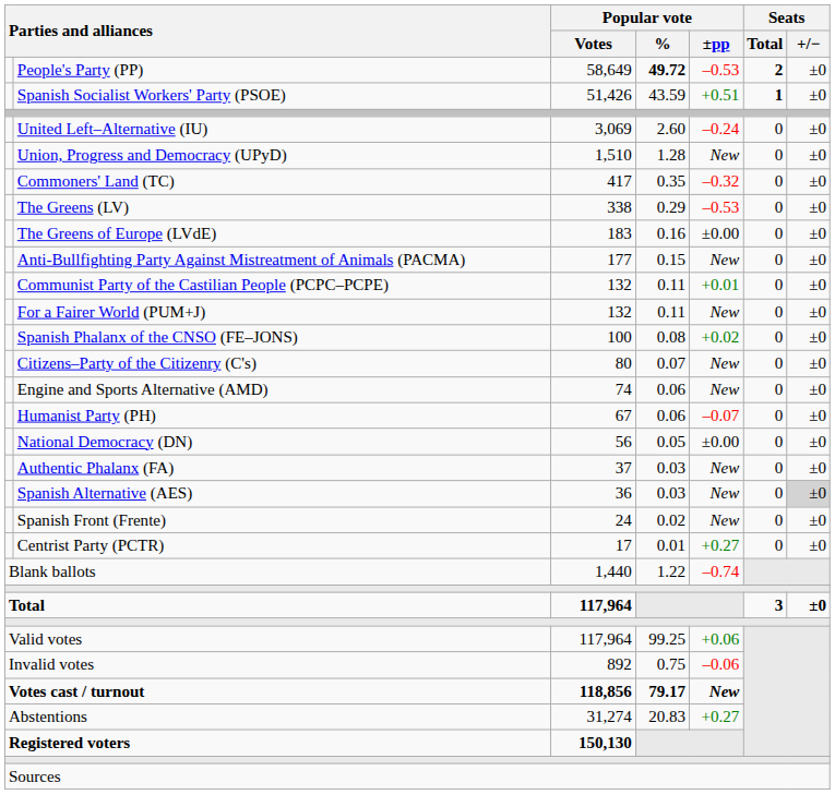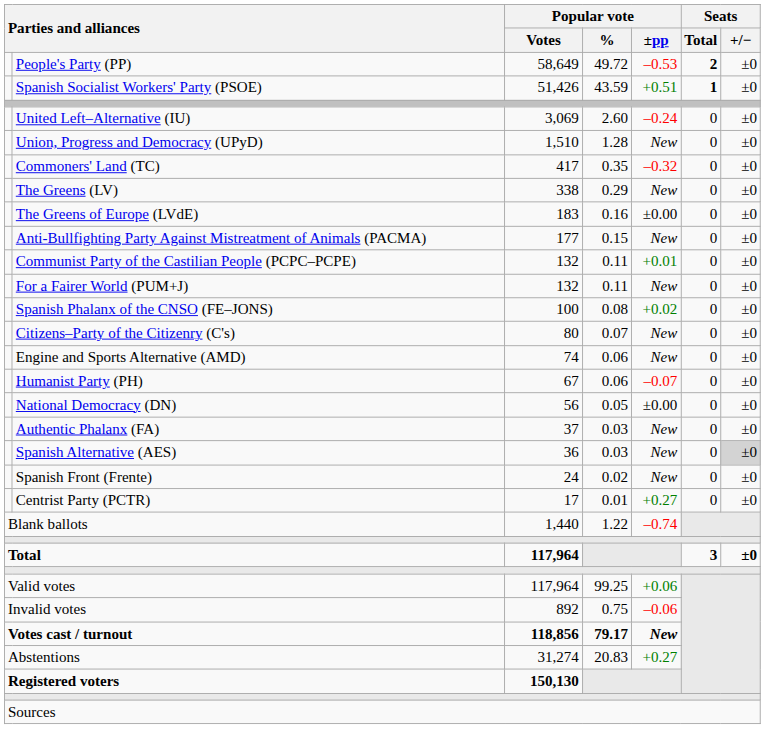 <table class="wikitable" style="text-align:right;">
 <tr>
 <th style="text-align:left;" rowspan="2" colspan="2" width="525">Parties and alliances</th>
 <th colspan="3">Popular vote</th>
 <th colspan="2">Seats</th>
 </tr>
 <tr>
 <th width="75">Votes</th>
 <th width="45">%</th>
 <th width="45">±<a href='#'>pp</a></th>
 <th width="35">Total</th>
 <th width="35">+/−</th>
 </tr>
 <tr>
 <td width="1" style="color:inherit;background:"></td>
 <td align="left"><a href='#'>People's Party</a> (PP)</td>
 <td>58,649</td>
-<td><strong>49.72</strong></td>
+<td>49.72</td>
 <td style="color:red;">–0.53</td>
 <td><strong>2</strong></td>
 <td>±0</td>
 </tr>
 <tr>
 <td style="color:inherit;background:"></td>
 <td align="left"><a href='#'>Spanish Socialist Workers' Party</a> (PSOE)</td>
 <td>51,426</td>
 <td>43.59</td>
 <td style="color:green;">+0.51</td>
 <td><strong>1</strong></td>
 <td>±0</td>
 </tr>
 <tr>
 <td colspan="7" bgcolor="#C0C0C0"></td>
 </tr>
 <tr>
 <td style="color:inherit;background:"></td>
 <td align="left"><a href='#'>United Left–Alternative</a> (IU)</td>
 <td>3,069</td>
 <td>2.60</td>
 <td style="color:red;">–0.24</td>
 <td>0</td>
 <td>±0</td>
 </tr>
 <tr>
 <td style="color:inherit;background:"></td>
 <td align="left"><a href='#'>Union, Progress and Democracy</a> (UPyD)</td>
 <td>1,510</td>
 <td>1.28</td>
 <td><em>New</em></td>
 <td>0</td>
 <td>±0</td>
 </tr>
 <tr>
 <td style="color:inherit;background:"></td>
 <td align="left"><a href='#'>Commoners' Land</a> (TC)</td>
 <td>417</td>
 <td>0.35</td>
 <td style="color:red;">–0.32</td>
 <td>0</td>
 <td>±0</td>
 </tr>
 <tr>
 <td style="color:inherit;background:"></td>
 <td align="left"><a href='#'>The Greens</a> (LV)</td>
 <td>338</td>
 <td>0.29</td>
-<td style="color:red;">–0.53</td>
+<td><em>New</em></td>
 <td>0</td>
 <td>±0</td>
 </tr>
 <tr>
 <td style="color:inherit;background:"></td>
 <td align="left"><a href='#'>The Greens of Europe</a> (LVdE)</td>
 <td>183</td>
 <td>0.16</td>
 <td>±0.00</td>
 <td>0</td>
 <td>±0</td>
 </tr>
 <tr>
 <td style="color:inherit;background:"></td>
 <td align="left"><a href='#'>Anti-Bullfighting Party Against Mistreatment of Animals</a> (PACMA)</td>
 <td>177</td>
 <td>0.15</td>
 <td><em>New</em></td>
 <td>0</td>
 <td>±0</td>
 </tr>
 <tr>
 <td style="color:inherit;background:"></td>
 <td align="left"><a href='#'>Communist Party of the Castilian People</a> (PCPC–PCPE)</td>
 <td>132</td>
 <td>0.11</td>
 <td style="color:green;">+0.01</td>
 <td>0</td>
 <td>±0</td>
 </tr>
 <tr>
 <td style="color:inherit;background:"></td>
 <td align="left"><a href='#'>For a Fairer World</a> (PUM+J)</td>
 <td>132</td>
 <td>0.11</td>
 <td><em>New</em></td>
 <td>0</td>
 <td>±0</td>
 </tr>
 <tr>
 <td style="color:inherit;background:"></td>
 <td align="left"><a href='#'>Spanish Phalanx of the CNSO</a> (FE–JONS)</td>
 <td>100</td>
 <td>0.08</td>
 <td style="color:green;">+0.02</td>
 <td>0</td>
 <td>±0</td>
 </tr>
 <tr>
 <td style="color:inherit;background:"></td>
 <td align="left"><a href='#'>Citizens–Party of the Citizenry</a> (C's)</td>
 <td>80</td>
 <td>0.07</td>
 <td><em>New</em></td>
 <td>0</td>
 <td>±0</td>
 </tr>
 <tr>
 <td style="color:inherit;background:"></td>
 <td align="left">Engine and Sports Alternative (AMD)</td>
 <td>74</td>
 <td>0.06</td>
 <td><em>New</em></td>
 <td>0</td>
 <td>±0</td>
 </tr>
 <tr>
 <td style="color:inherit;background:"></td>
 <td align="left"><a href='#'>Humanist Party</a> (PH)</td>
 <td>67</td>
 <td>0.06</td>
 <td style="color:red;">–0.07</td>
 <td>0</td>
 <td>±0</td>
 </tr>
 <tr>
 <td style="color:inherit;background:"></td>
 <td align="left"><a href='#'>National Democracy</a> (DN)</td>
 <td>56</td>
 <td>0.05</td>
 <td>±0.00</td>
 <td>0</td>
 <td>±0</td>
 </tr>
 <tr>
 <td style="color:inherit;background:"></td>
 <td align="left"><a href='#'>Authentic Phalanx</a> (FA)</td>
 <td>37</td>
 <td>0.03</td>
 <td><em>New</em></td>
 <td>0</td>
 <td>±0</td>
 </tr>
 <tr>
 <td style="color:inherit;background:"></td>
 <td align="left"><a href='#'>Spanish Alternative</a> (AES)</td>
 <td>36</td>
 <td>0.03</td>
 <td><em>New</em></td>
 <td>0</td>
 <td style="background: lightgrey;">±0</td>
 </tr>
 <tr>
 <td style="color:inherit;background:"></td>
 <td align="left">Spanish Front (Frente)</td>
 <td>24</td>
 <td>0.02</td>
 <td><em>New</em></td>
 <td>0</td>
 <td>±0</td>
 </tr>
 <tr>
 <td style="color:inherit;background:"></td>
 <td align="left">Centrist Party (PCTR)</td>
 <td>17</td>
 <td>0.01</td>
 <td style="color:green;">+0.27</td>
 <td>0</td>
 <td>±0</td>
 </tr>
 <tr>
 <td align="left" colspan="2">Blank ballots</td>
 <td>1,440</td>
 <td>1.22</td>
 <td style="color:red;">–0.74</td>
 <td bgcolor="#E9E9E9" colspan="2"></td>
 </tr>
 <tr>
 <td colspan="7" bgcolor="#E9E9E9"></td>
 </tr>
 <tr style="font-weight:bold;">
 <td align="left" colspan="2">Total</td>
 <td>117,964</td>
 <td bgcolor="#E9E9E9" colspan="2"></td>
 <td>3</td>
 <td>±0</td>
 </tr>
 <tr>
 <td colspan="7" bgcolor="#E9E9E9"></td>
 </tr>
 <tr>
 <td align="left" colspan="2">Valid votes</td>
 <td>117,964</td>
 <td>99.25</td>
 <td style="color:green;">+0.06</td>
 <td bgcolor="#E9E9E9" colspan="2" rowspan="5"></td>
 </tr>
 <tr>
 <td align="left" colspan="2">Invalid votes</td>
 <td>892</td>
 <td>0.75</td>
 <td style="color:red;">–0.06</td>
 </tr>
 <tr style="font-weight:bold;">
 <td align="left" colspan="2">Votes cast / turnout</td>
 <td>118,856</td>
 <td>79.17</td>
 <td><em>New</em></td>
 </tr>
 <tr>
 <td align="left" colspan="2">Abstentions</td>
 <td>31,274</td>
 <td>20.83</td>
 <td style="color:green;">+0.27</td>
 </tr>
 <tr style="font-weight:bold;">
 <td align="left" colspan="2">Registered voters</td>
 <td>150,130</td>
 <td bgcolor="#E9E9E9" colspan="2"></td>
 </tr>
 <tr>
 <td colspan="7" bgcolor="#E9E9E9"></td>
 </tr>
 <tr>
 <td align="left" colspan="7">Sources</td>
 </tr>
 </table>
